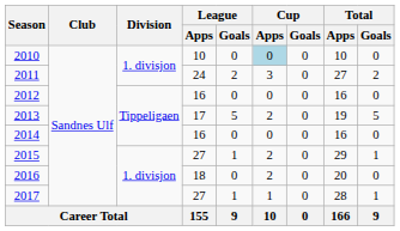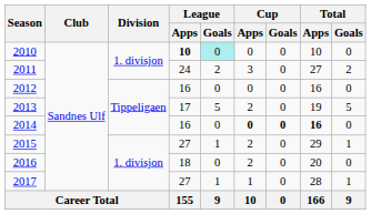 <table class="wikitable" style="text-align: center;">
 <tr>
 <th rowspan="2">Season</th>
 <th rowspan="2">Club</th>
 <th rowspan="2">Division</th>
 <th colspan="2">League</th>
 <th colspan="2">Cup</th>
 <th colspan="2">Total</th>
 </tr>
 <tr>
 <th>Apps</th>
 <th>Goals</th>
 <th>Apps</th>
 <th>Goals</th>
 <th>Apps</th>
 <th>Goals</th>
 </tr>
 <tr>
 <td><a href='#'>2010</a></td>
 <td rowspan="8" valign="center"><a href='#'>Sandnes Ulf</a></td>
 <td rowspan="2" valign="center"><a href='#'>1. divisjon</a></td>
-<td>10</td>
+<td><strong>10</strong></td>
+<td style="background: paleturquoise;">0</td>
 <td>0</td>
-<td style="background: lightblue;">0</td>
 <td>0</td>
 <td>10</td>
 <td>0</td>
 </tr>
 <tr>
 <td><a href='#'>2011</a></td>
 <td>24</td>
 <td>2</td>
 <td>3</td>
 <td>0</td>
 <td>27</td>
 <td>2</td>
 </tr>
 <tr>
 <td><a href='#'>2012</a></td>
 <td rowspan="3" valign="center"><a href='#'>Tippeligaen</a></td>
 <td>16</td>
 <td>0</td>
 <td>0</td>
 <td>0</td>
 <td>16</td>
 <td>0</td>
 </tr>
 <tr>
 <td><a href='#'>2013</a></td>
 <td>17</td>
 <td>5</td>
 <td>2</td>
 <td>0</td>
 <td>19</td>
 <td>5</td>
 </tr>
 <tr>
 <td><a href='#'>2014</a></td>
 <td>16</td>
 <td>0</td>
-<td>0</td>
-<td>0</td>
-<td>16</td>
+<td><strong>0</strong></td>
+<td><strong>0</strong></td>
+<td><strong>16</strong></td>
 <td>0</td>
 </tr>
 <tr>
 <td><a href='#'>2015</a></td>
 <td rowspan="3" valign="center"><a href='#'>1. divisjon</a></td>
 <td>27</td>
 <td>1</td>
 <td>2</td>
 <td>0</td>
 <td>29</td>
 <td>1</td>
 </tr>
 <tr>
 <td><a href='#'>2016</a></td>
 <td>18</td>
 <td>0</td>
 <td>2</td>
 <td>0</td>
 <td>20</td>
 <td>0</td>
 </tr>
 <tr>
 <td><a href='#'>2017</a></td>
 <td>27</td>
 <td>1</td>
 <td>1</td>
 <td>0</td>
 <td>28</td>
 <td>1</td>
 </tr>
 <tr>
 <th colspan="3">Career Total</th>
 <th>155</th>
 <th>9</th>
 <th>10</th>
 <th>0</th>
 <th>166</th>
 <th>9</th>
 </tr>
 </table>
